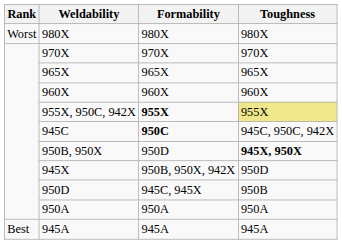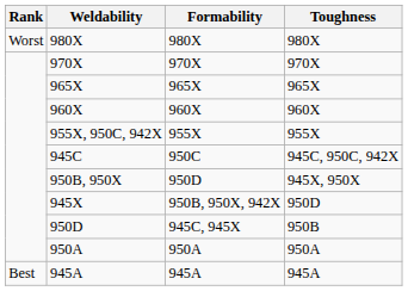 <table class="wikitable" border="1">
 <tr>
 <th>Rank</th>
 <th>Weldability</th>
 <th>Formability</th>
 <th>Toughness</th>
 </tr>
 <tr>
 <td>Worst</td>
 <td>980X</td>
 <td>980X</td>
 <td>980X</td>
 </tr>
 <tr>
 <td rowspan="9"></td>
 <td>970X</td>
 <td>970X</td>
 <td>970X</td>
 </tr>
 <tr>
 <td>965X</td>
 <td>965X</td>
 <td>965X</td>
 </tr>
 <tr>
 <td>960X</td>
 <td>960X</td>
 <td>960X</td>
 </tr>
 <tr>
 <td>955X, 950C, 942X</td>
-<td><strong>955X</strong></td>
-<td style="background: khaki;">955X</td>
+<td>955X</td>
+<td>955X</td>
 </tr>
 <tr>
 <td>945C</td>
-<td><strong>950C</strong></td>
+<td>950C</td>
 <td>945C, 950C, 942X</td>
 </tr>
 <tr>
 <td>950B, 950X</td>
 <td>950D</td>
-<td><strong>945X, 950X</strong></td>
+<td>945X, 950X</td>
 </tr>
 <tr>
 <td>945X</td>
 <td>950B, 950X, 942X</td>
 <td>950D</td>
 </tr>
 <tr>
 <td>950D</td>
 <td>945C, 945X</td>
 <td>950B</td>
 </tr>
 <tr>
 <td>950A</td>
 <td>950A</td>
 <td>950A</td>
 </tr>
 <tr>
 <td>Best</td>
 <td>945A</td>
 <td>945A</td>
 <td>945A</td>
 </tr>
 </table>
